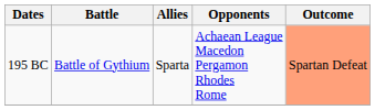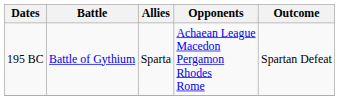 <table class="wikitable sortable">
 <tr>
 <th>Dates</th>
 <th>Battle</th>
 <th>Allies</th>
 <th>Opponents</th>
 <th>Outcome</th>
 </tr>
 <tr>
 <td>195 BC</td>
 <td><a href='#'>Battle of Gythium</a></td>
 <td>Sparta</td>
 <td><a href='#'>Achaean League</a><br><a href='#'>Macedon</a><br><a href='#'>Pergamon</a><br><a href='#'>Rhodes</a><br><a href='#'>Rome</a></td>
-<td style="background: lightsalmon;">Spartan Defeat</td>
+<td>Spartan Defeat</td>
 </tr>
 <tr>
 </tr>
 </table>
